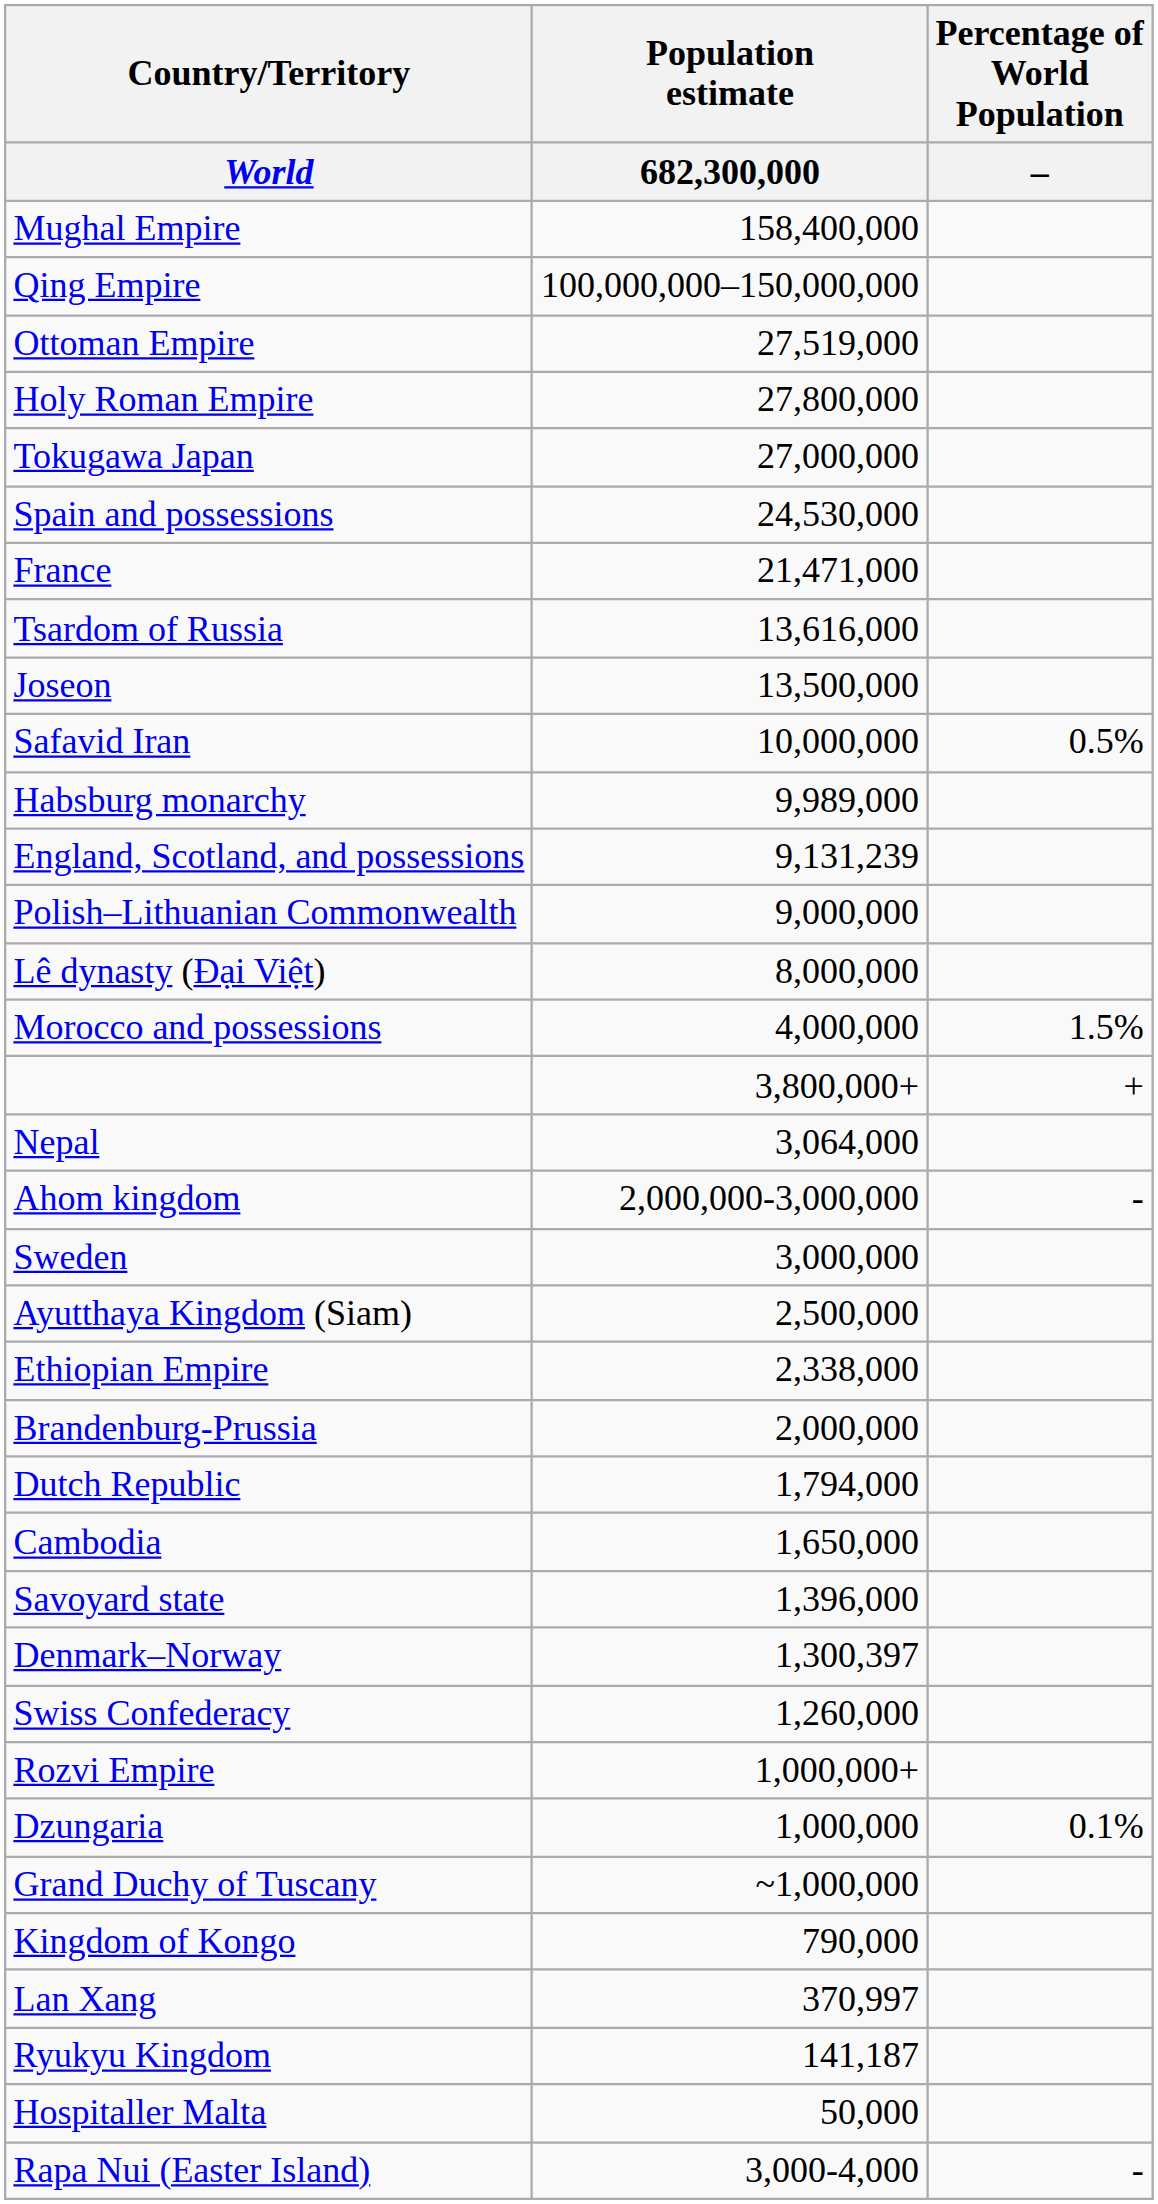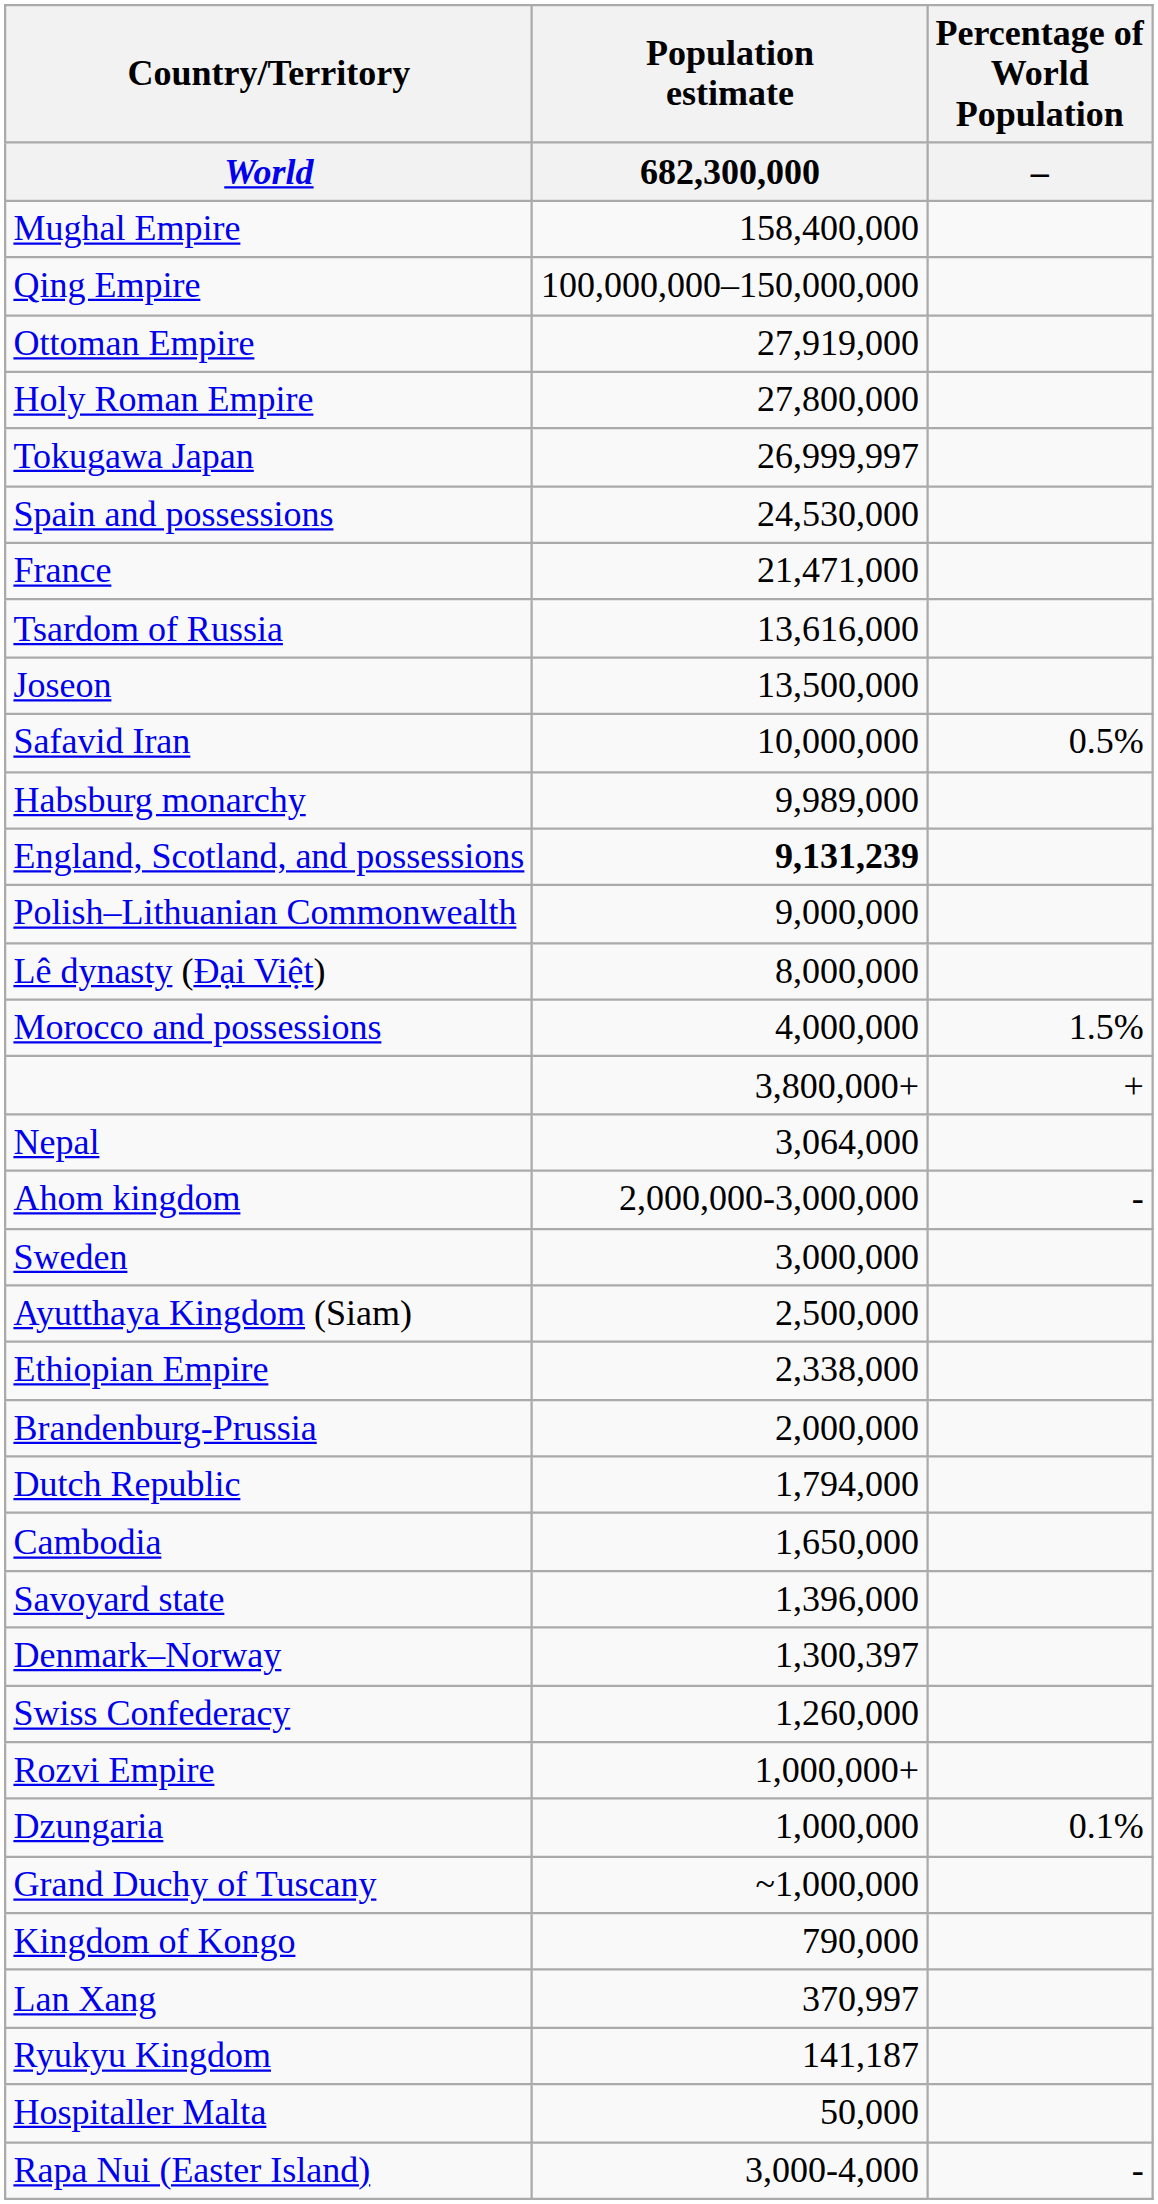 <table class="wikitable" style="text-align:right">
 <tr>
 <th>Country/Territory</th>
 <th>Population<br>estimate<br></th>
 <th>Percentage of<br>World<br>Population</th>
 </tr>
 <tr>
 <th align="left"> <em><a href='#'>World</a></em></th>
 <th>682,300,000</th>
 <th>–</th>
 </tr>
 <tr>
 <td style="text-align:left;"> <a href='#'>Mughal Empire</a></td>
 <td>158,400,000</td>
 <td></td>
 </tr>
 <tr>
 <td align="left"> <a href='#'>Qing Empire</a></td>
 <td>100,000,000–150,000,000</td>
 <td></td>
 </tr>
 <tr>
 <td style="text-align:left;"> <a href='#'>Ottoman Empire</a><br> </td>
-<td>27,519,000</td>
+<td>27,919,000</td>
 <td></td>
 </tr>
 <tr>
 <td style="text-align:left;"> <a href='#'>Holy Roman Empire</a><br></td>
 <td>27,800,000</td>
 <td></td>
 </tr>
 <tr>
 <td style="text-align:left;"> <a href='#'>Tokugawa Japan</a></td>
-<td>27,000,000</td>
+<td>26,999,997</td>
 <td></td>
 </tr>
 <tr>
 <td style="text-align:left;"> <a href='#'>Spain and possessions</a><br></td>
 <td>24,530,000</td>
 <td></td>
 </tr>
 <tr>
 <td style="text-align:left;"> <a href='#'>France</a></td>
 <td>21,471,000</td>
 <td></td>
 </tr>
 <tr>
 <td style="text-align:left;"> <a href='#'>Tsardom of Russia</a></td>
 <td>13,616,000</td>
 <td></td>
 </tr>
 <tr>
 <td align="left"> <a href='#'>Joseon</a></td>
 <td>13,500,000</td>
 <td></td>
 </tr>
 <tr>
 <td style="text-align:left;"> <a href='#'>Safavid Iran</a></td>
 <td>10,000,000</td>
 <td>0.5%</td>
 </tr>
 <tr>
 <td style="text-align:left;"> <a href='#'>Habsburg monarchy</a><br></td>
 <td>9,989,000</td>
 <td></td>
 </tr>
 <tr>
 <td style="text-align:left;"> <a href='#'>England, Scotland, and possessions</a><br></td>
-<td>9,131,239</td>
+<td><strong>9,131,239</strong></td>
 <td></td>
 </tr>
 <tr>
 <td style="text-align:left;"> <a href='#'>Polish–Lithuanian Commonwealth</a></td>
 <td>9,000,000</td>
 <td></td>
 </tr>
 <tr>
 <td style="text-align:left;"><a href='#'>Lê dynasty</a> (<a href='#'>Đại Việt</a>)</td>
 <td>8,000,000</td>
 <td></td>
 </tr>
 <tr>
 <td style="text-align:left;"> <a href='#'>Morocco and possessions</a></td>
 <td>4,000,000</td>
 <td>1.5%</td>
 </tr>
 <tr>
 <td style="text-align:left;"><br></td>
 <td>3,800,000+</td>
 <td>+</td>
 </tr>
 <tr>
 <td style="text-align:left;"><a href='#'>Nepal</a></td>
 <td>3,064,000</td>
 <td></td>
 </tr>
 <tr>
 <td style="text-align:left;"> <a href='#'>Ahom kingdom</a></td>
 <td>2,000,000-3,000,000</td>
 <td>-</td>
 </tr>
 <tr>
 <td style="text-align:left;"> <a href='#'>Sweden</a><br></td>
 <td>3,000,000</td>
 <td></td>
 </tr>
 <tr>
 <td style="text-align:left;"> <a href='#'>Ayutthaya Kingdom</a> (Siam)</td>
 <td>2,500,000</td>
 <td></td>
 </tr>
 <tr>
 <td style="text-align:left;"> <a href='#'>Ethiopian Empire</a></td>
 <td>2,338,000</td>
 <td></td>
 </tr>
 <tr>
 <td style="text-align:left;"> <a href='#'>Brandenburg-Prussia</a><br></td>
 <td>2,000,000</td>
 <td></td>
 </tr>
 <tr>
 <td style="text-align:left;"> <a href='#'>Dutch Republic</a><br></td>
 <td>1,794,000</td>
 <td></td>
 </tr>
 <tr>
 <td style="text-align:left;"> <a href='#'>Cambodia</a></td>
 <td>1,650,000</td>
 <td></td>
 </tr>
 <tr>
 <td style="text-align:left;"> <a href='#'>Savoyard state</a><br></td>
 <td>1,396,000</td>
 <td></td>
 </tr>
 <tr>
 <td style="text-align:left;"> <a href='#'>Denmark–Norway</a><br></td>
 <td>1,300,397</td>
 <td></td>
 </tr>
 <tr>
 <td style="text-align:left;"> <a href='#'>Swiss Confederacy</a></td>
 <td>1,260,000</td>
 <td></td>
 </tr>
 <tr>
 <td style="text-align:left;"><a href='#'>Rozvi Empire</a></td>
 <td>1,000,000+</td>
 <td></td>
 </tr>
 <tr>
 <td style="text-align:left;"><a href='#'>Dzungaria</a></td>
 <td>1,000,000</td>
 <td>0.1%</td>
 </tr>
 <tr>
 <td style="text-align:left;"> <a href='#'>Grand Duchy of Tuscany</a></td>
 <td>~1,000,000</td>
 <td></td>
 </tr>
 <tr>
 <td style="text-align:left;"> <a href='#'>Kingdom of Kongo</a></td>
 <td>790,000</td>
 <td></td>
 </tr>
 <tr>
 <td style="text-align:left;"><a href='#'>Lan Xang</a></td>
 <td>370,997</td>
 <td></td>
 </tr>
 <tr>
 <td style="text-align:left;"> <a href='#'>Ryukyu Kingdom</a></td>
 <td>141,187</td>
 <td></td>
 </tr>
 <tr>
 <td style="text-align:left;"> <a href='#'>Hospitaller Malta</a></td>
 <td>50,000</td>
 <td></td>
 </tr>
 <tr>
 <td style="text-align:left;"><a href='#'>Rapa Nui (Easter Island)</a></td>
 <td>3,000-4,000</td>
 <td>-</td>
 </tr>
 </table>
